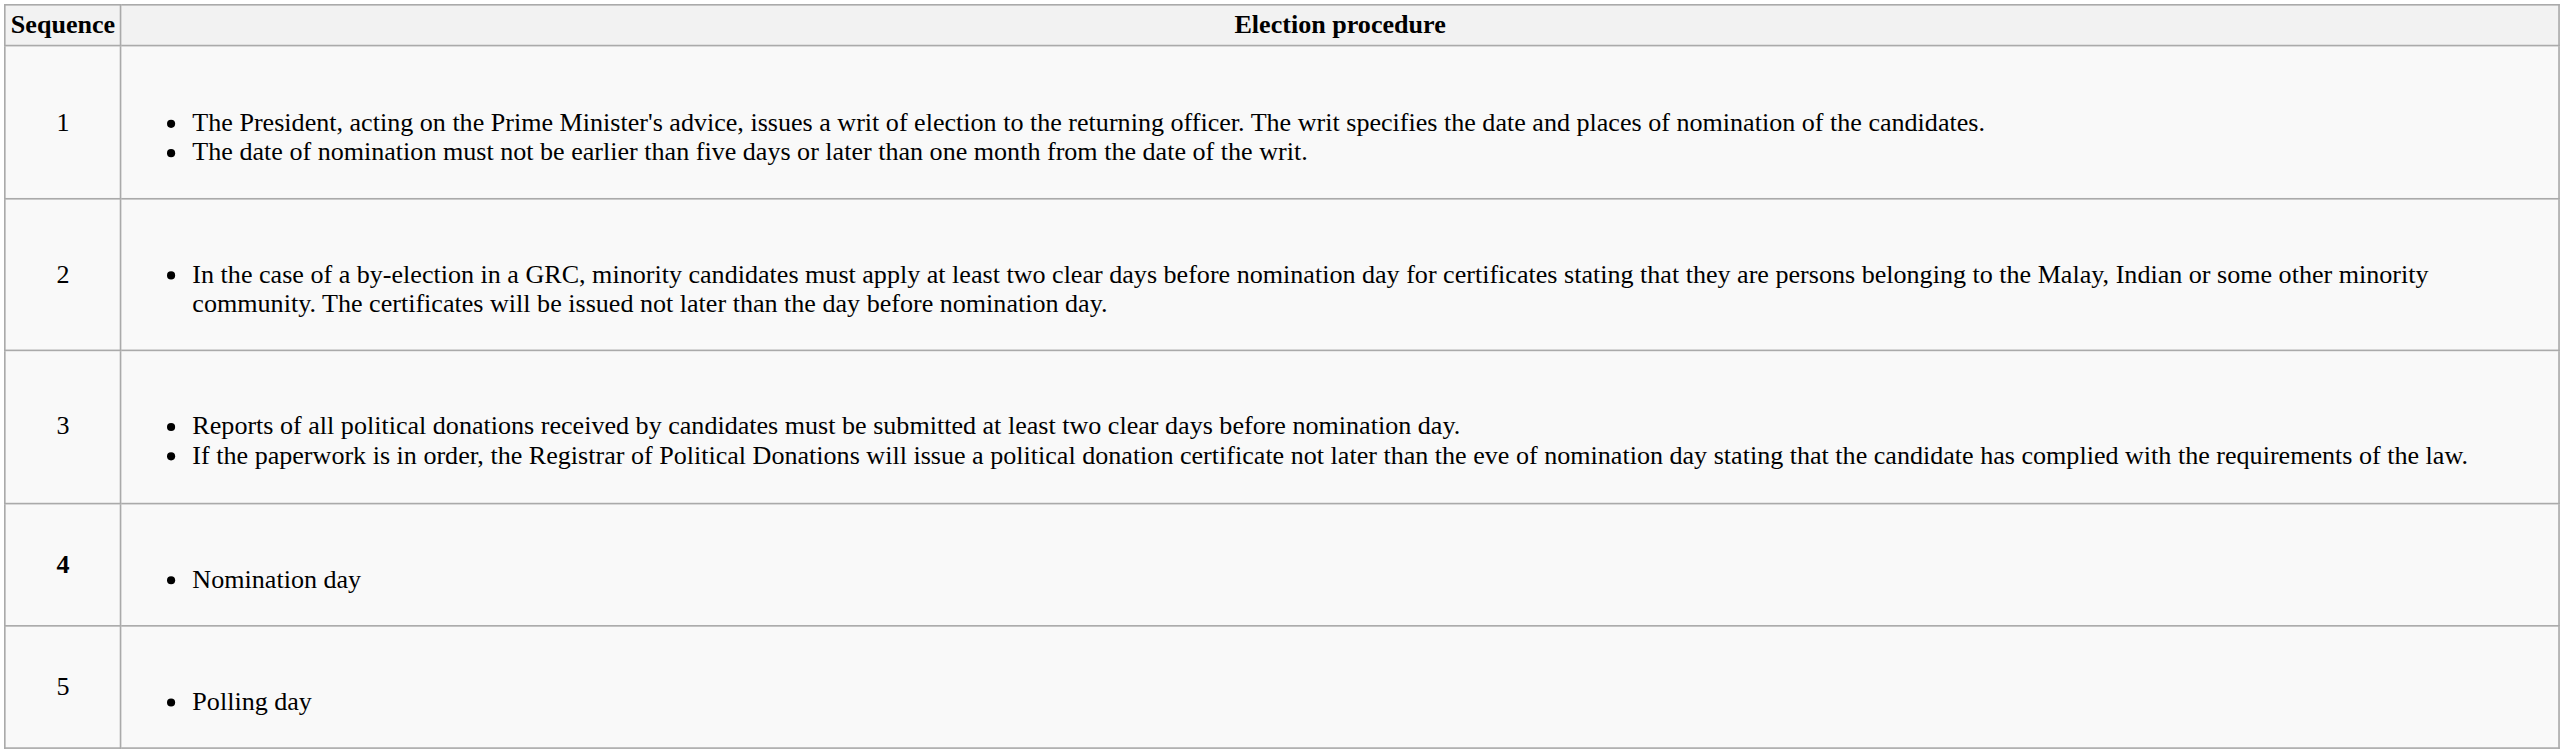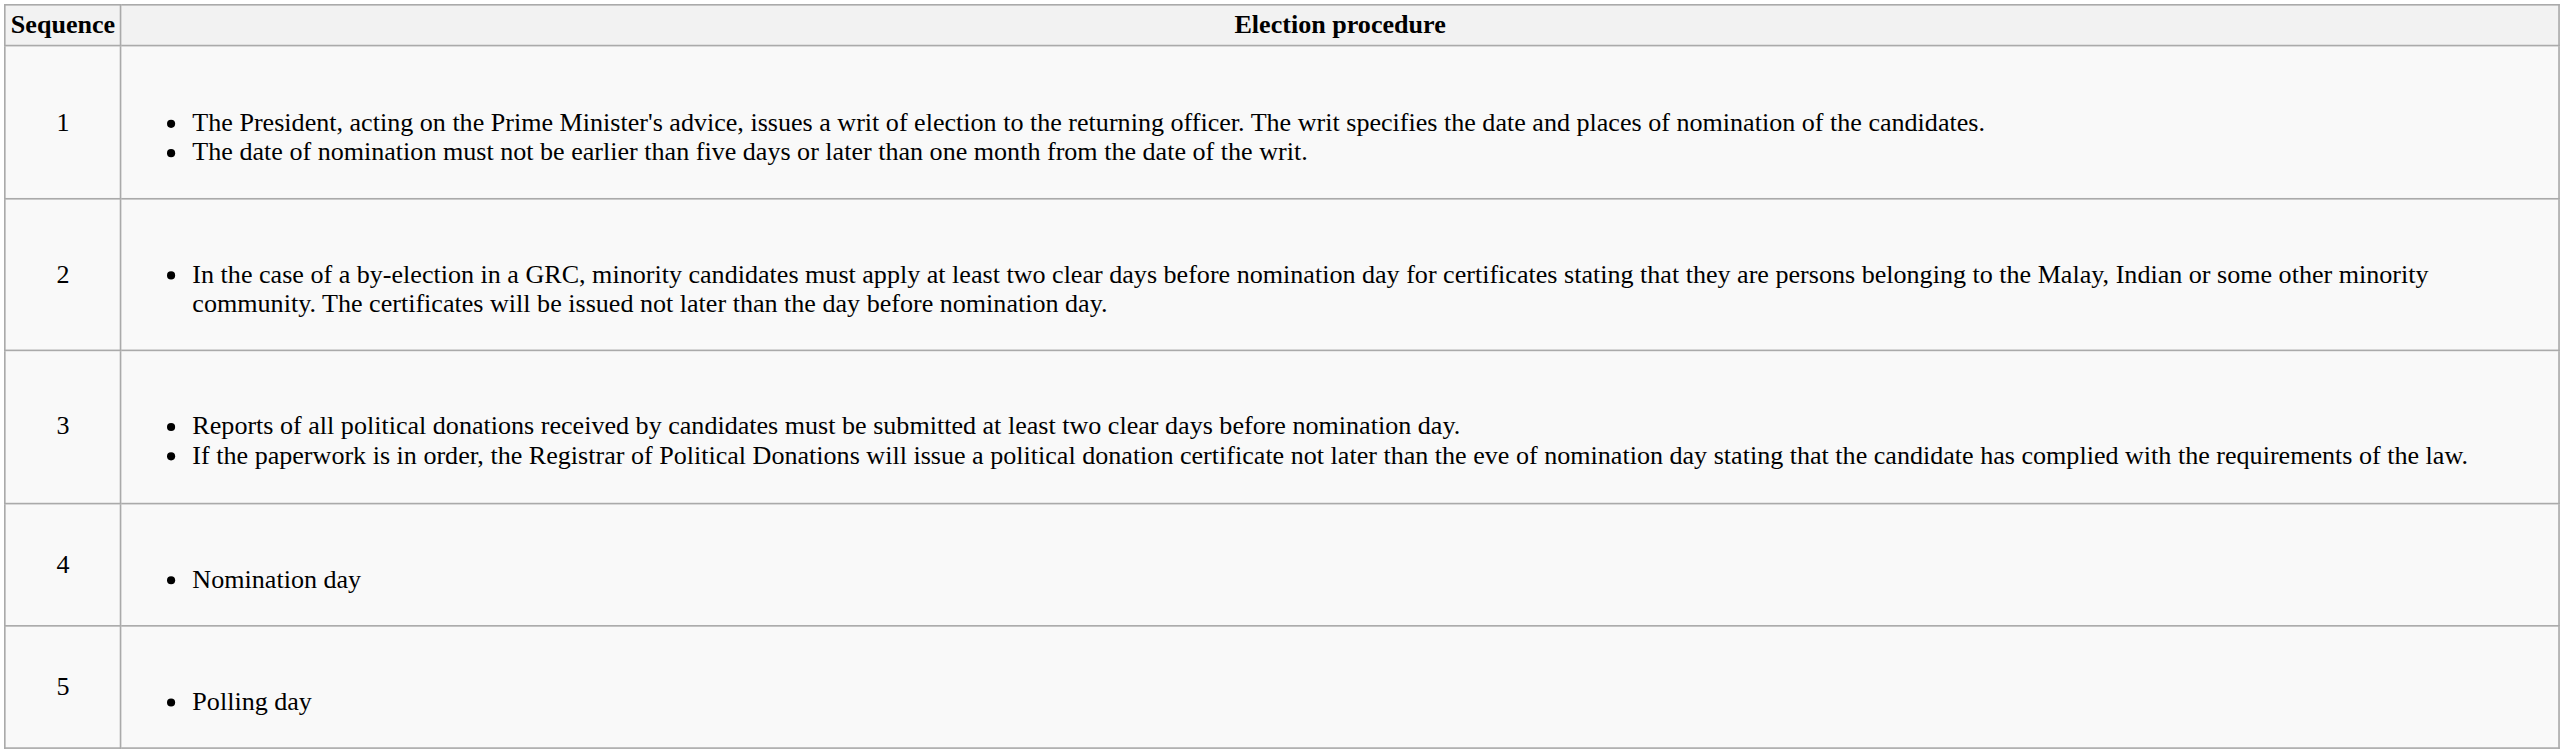 <table class="wikitable">
 <tr>
 <th>Sequence</th>
 <th>Election procedure</th>
 </tr>
 <tr>
 <td align="center">1</td>
 <td><br><ul><li>The President, acting on the Prime Minister's advice, issues a writ of election to the returning officer. The writ specifies the date and places of nomination of the candidates.</li><li>The date of nomination must not be earlier than five days or later than one month from the date of the writ.</li></ul></td>
 </tr>
 <tr>
 <td align="center">2</td>
 <td><br><ul><li>In the case of a by-election in a GRC, minority candidates must apply at least two clear days before nomination day for certificates stating that they are persons belonging to the Malay, Indian or some other minority community. The certificates will be issued not later than the day before nomination day.</li></ul></td>
 </tr>
 <tr>
 <td align="center">3</td>
 <td><br><ul><li>Reports of all political donations received by candidates must be submitted at least two clear days before nomination day.</li><li>If the paperwork is in order, the Registrar of Political Donations will issue a political donation certificate not later than the eve of nomination day stating that the candidate has complied with the requirements of the law.</li></ul></td>
 </tr>
 <tr>
-<td align="center"><strong>4</strong></td>
+<td align="center">4</td>
 <td><br><ul><li>Nomination day</li></ul></td>
 </tr>
 <tr>
 <td align="center">5</td>
 <td><br><ul><li>Polling day</li></ul></td>
 </tr>
 </table>
